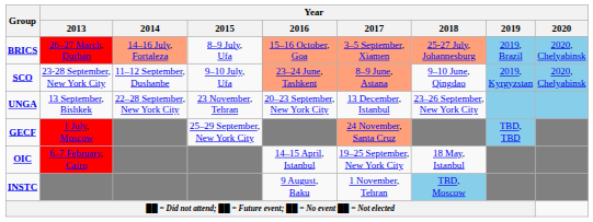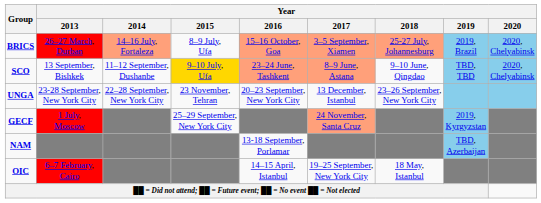 <table class="wikitable" style="margin:1em auto; font-size:85%; text-align:center;">
 <tr>
 <th rowspan="2">Group</th>
 <th colspan="8">Year</th>
 </tr>
 <tr>
 <th>2013</th>
 <th>2014</th>
 <th>2015</th>
 <th>2016</th>
 <th>2017</th>
 <th>2018</th>
 <th>2019</th>
 <th>2020</th>
 </tr>
 <tr>
 <td><strong><a href='#'>BRICS</a></strong></td>
 <td style="background:red"><a href='#'>26–27 March</a>,<br> <a href='#'>Durban</a></td>
 <td style="background:#FFA07A;"><a href='#'>14–16 July</a>,<br> <a href='#'>Fortaleza</a></td>
 <td><a href='#'>8–9 July</a>,<br> <a href='#'>Ufa</a></td>
 <td style="background:#FFA07A;"><a href='#'>15–16 October</a>,<br> <a href='#'>Goa</a></td>
 <td style="background:#FFA07A;"><a href='#'>3–5 September</a>,<br> <a href='#'>Xiamen</a></td>
 <td style="background:#FFA07A;"><a href='#'>25-27 July</a>,<br> <a href='#'>Johannesburg</a></td>
 <td style="background:skyBlue;"><a href='#'>2019</a>,<br> <a href='#'>Brazil</a></td>
 <td style="background:skyBlue;"><a href='#'>2020</a>,<br> <a href='#'>Chelyabinsk</a></td>
 </tr>
 <tr>
 <td><strong><a href='#'>SCO</a></strong></td>
-<td><a href='#'>23-28 September</a>,<br> <a href='#'>New York City</a></td>
+<td><a href='#'>13 September</a>,<br> <a href='#'>Bishkek</a></td>
 <td><a href='#'>11–12 September</a>,<br> <a href='#'>Dushanbe</a></td>
-<td><a href='#'>9–10 July</a>,<br> <a href='#'>Ufa</a></td>
+<td style="background: gold;"><a href='#'>9–10 July</a>,<br> <a href='#'>Ufa</a></td>
 <td style="background:#FFA07A;"><a href='#'>23–24 June</a>,<br> <a href='#'>Tashkent</a></td>
 <td style="background:#FFA07A;"><a href='#'>8–9 June</a>,<br>  <a href='#'>Astana</a></td>
 <td><a href='#'>9–10 June</a>,<br>  <a href='#'>Qingdao</a></td>
-<td style="background:skyBlue;"><a href='#'>2019</a>,<br>  <a href='#'>Kyrgyzstan</a></td>
+<td style="background:skyBlue;"><a href='#'>TBD</a>,<br> <a href='#'>TBD</a></td>
 <td style="background:skyBlue;"><a href='#'>2020</a>,<br> <a href='#'>Chelyabinsk</a></td>
 </tr>
 <tr>
 <td><strong><a href='#'>UNGA</a></strong></td>
-<td><a href='#'>13 September</a>,<br> <a href='#'>Bishkek</a></td>
+<td><a href='#'>23-28 September</a>,<br> <a href='#'>New York City</a></td>
 <td><a href='#'>22–28 September</a>,<br> <a href='#'>New York City</a></td>
 <td><a href='#'>23 November</a>,<br> <a href='#'>Tehran</a></td>
 <td><a href='#'>20–23 September</a>,<br> <a href='#'>New York City</a></td>
 <td><a href='#'>13 December</a>,<br> <a href='#'>Istanbul</a></td>
 <td><a href='#'>23–26 September</a>,<br> <a href='#'>New York City</a></td>
 <td style="background:skyBlue;"></td>
 <td style="background:skyBlue;"></td>
 </tr>
 <tr>
 <td><strong><a href='#'>GECF</a></strong></td>
 <td style="background:red"><a href='#'>1 July</a>,<br> <a href='#'>Moscow</a></td>
 <td style="background:gray;"></td>
 <td><a href='#'>25–29 September</a>,<br> <a href='#'>New York City</a></td>
 <td style="background:gray;"></td>
 <td style="background:#FFA07A;"><a href='#'>24 November</a>,<br> <a href='#'>Santa Cruz</a></td>
 <td style="background:gray;"></td>
-<td style="background:skyBlue;"><a href='#'>TBD</a>,<br> <a href='#'>TBD</a></td>
+<td style="background:skyBlue;"><a href='#'>2019</a>,<br>  <a href='#'>Kyrgyzstan</a></td>
+<td style="background:gray;"></td>
+</tr>
+<tr>
+<td><strong><a href='#'>NAM</a></strong></td>
+<td style="background:gray;"></td>
+<td style="background:gray;"></td>
+<td style="background:gray;"></td>
+<td><a href='#'>13-18 September</a>,<br> <a href='#'>Porlamar</a></td>
+<td style="background:gray;"></td>
+<td style="background:gray;"></td>
+<td style="background:skyBlue;"><a href='#'>TBD</a>,<br> <a href='#'>Azerbaijan</a></td>
 <td style="background:gray;"></td>
 </tr>
 <tr>
 <td><strong><a href='#'>OIC</a></strong></td>
 <td style="background:red;"><a href='#'>6–7 February</a>,<br> <a href='#'>Cairo</a></td>
 <td style="background:gray;"></td>
 <td style="background:gray;"></td>
 <td><a href='#'>14–15 April</a>,<br> <a href='#'>Istanbul</a></td>
 <td><a href='#'>19–25 September</a>,<br> <a href='#'>New York City</a></td>
 <td><a href='#'>18 May</a>,<br> <a href='#'>Istanbul</a></td>
 <td style="background:gray;"></td>
 <td style="background:gray;"></td>
 </tr>
 <tr>
-<td><strong><a href='#'>INSTC</a></strong></td>
-<td style="background:gray;"></td>
-<td style="background:gray;"></td>
-<td style="background:gray;"></td>
-<td><a href='#'>9 August</a>,<br> <a href='#'>Baku</a></td>
-<td><a href='#'>1 November</a>,<br> <a href='#'>Tehran</a></td>
-<td style="background:skyBlue;"><a href='#'>TBD</a>,<br> <a href='#'>Moscow</a></td>
-<td style="background:gray;"></td>
-<td style="background:gray;"></td>
-</tr>
-<tr>
 <th colspan="8"><small><em><span>██</span> = Did not attend; </em> <em><span>██</span> = Future event; <span>██</span> = No event</em> <em><span>██</span> = Not elected</em></small></th>
 </tr>
 </table>
